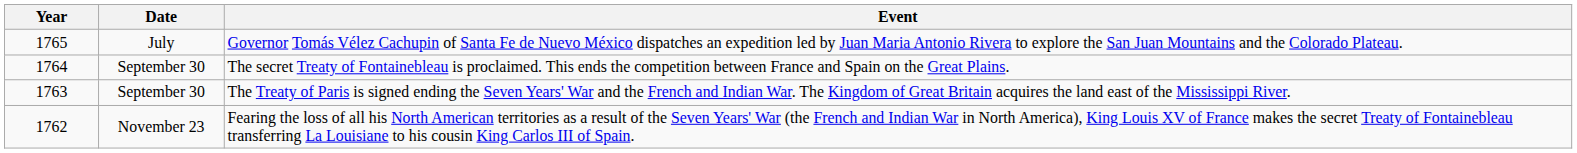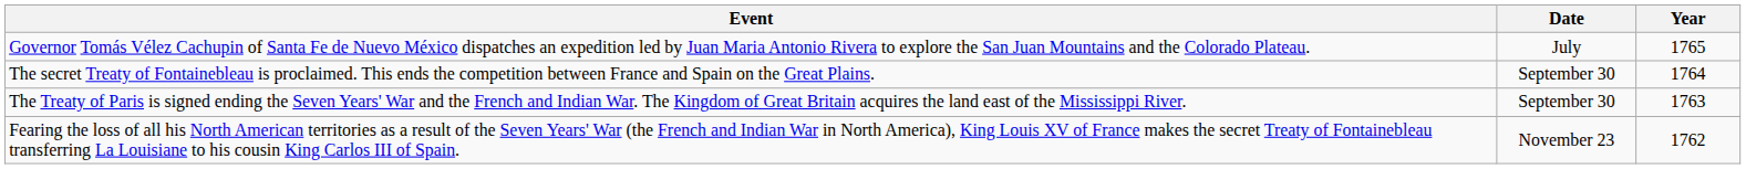 <table class="wikitable" style="width:100%;">
 <tr>
+<th style="width:86%">Event</th>
+<th style="width:8%">Date</th>
 <th style="width:6%">Year</th>
-<th style="width:8%">Date</th>
-<th style="width:86%">Event</th>
 </tr>
 <tr>
+<td><a href='#'>Governor</a> <a href='#'>Tomás Vélez Cachupin</a> of <a href='#'>Santa Fe de Nuevo México</a> dispatches an expedition led by <a href='#'>Juan Maria Antonio Rivera</a> to explore the <a href='#'>San Juan Mountains</a> and the <a href='#'>Colorado Plateau</a>.</td>
+<td align=center>July</td>
 <td align=center>1765</td>
-<td align=center>July</td>
-<td><a href='#'>Governor</a> <a href='#'>Tomás Vélez Cachupin</a> of <a href='#'>Santa Fe de Nuevo México</a> dispatches an expedition led by <a href='#'>Juan Maria Antonio Rivera</a> to explore the <a href='#'>San Juan Mountains</a> and the <a href='#'>Colorado Plateau</a>.</td>
 </tr>
 <tr>
+<td>The secret <a href='#'>Treaty of Fontainebleau</a> is proclaimed. This ends the competition between France and Spain on the <a href='#'>Great Plains</a>.</td>
+<td align=center>September 30</td>
 <td align=center>1764</td>
-<td align=center>September 30</td>
-<td>The secret <a href='#'>Treaty of Fontainebleau</a> is proclaimed. This ends the competition between France and Spain on the <a href='#'>Great Plains</a>.</td>
 </tr>
 <tr>
+<td>The <a href='#'>Treaty of Paris</a> is signed ending the <a href='#'>Seven Years' War</a> and the <a href='#'>French and Indian War</a>. The <a href='#'>Kingdom of Great Britain</a> acquires the land east of the <a href='#'>Mississippi River</a>.</td>
+<td align=center>September 30</td>
 <td align=center>1763</td>
-<td align=center>September 30</td>
-<td>The <a href='#'>Treaty of Paris</a> is signed ending the <a href='#'>Seven Years' War</a> and the <a href='#'>French and Indian War</a>. The <a href='#'>Kingdom of Great Britain</a> acquires the land east of the <a href='#'>Mississippi River</a>.</td>
 </tr>
 <tr>
+<td>Fearing the loss of all his <a href='#'>North American</a> territories as a result of the <a href='#'>Seven Years' War</a> (the <a href='#'>French and Indian War</a> in North America), <a href='#'>King Louis XV of France</a> makes the secret <a href='#'>Treaty of Fontainebleau</a> transferring <a href='#'>La Louisiane</a> to his cousin <a href='#'>King Carlos III of Spain</a>.</td>
+<td align=center>November 23</td>
 <td align=center>1762</td>
-<td align=center>November 23</td>
-<td>Fearing the loss of all his <a href='#'>North American</a> territories as a result of the <a href='#'>Seven Years' War</a> (the <a href='#'>French and Indian War</a> in North America), <a href='#'>King Louis XV of France</a> makes the secret <a href='#'>Treaty of Fontainebleau</a> transferring <a href='#'>La Louisiane</a> to his cousin <a href='#'>King Carlos III of Spain</a>.</td>
 </tr>
 </table>
